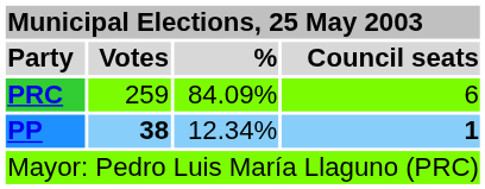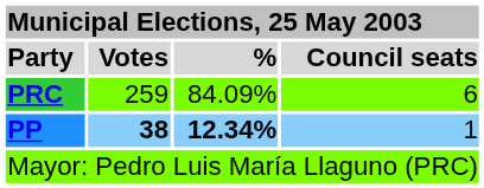 <table style="wikitable" style="margin:1em auto;">
 <tr>
 <td colspan="6" bgcolor="#C0C0C0"><strong>Municipal Elections, 25 May 2003</strong></td>
 </tr>
 <tr bgcolor="#D8D8D8">
 <td><strong>Party</strong></td>
 <td align="right"><strong>Votes</strong></td>
 <td align="right"><strong>%</strong></td>
 <td align="right"><strong>Council seats</strong></td>
 </tr>
 <tr>
 <td bgcolor="#32CD32"><strong><a href='#'>PRC</a></strong></td>
 <td bgcolor="#7CFC00" align="right">259</td>
 <td bgcolor="#7CFC00" align="right">84.09%</td>
 <td bgcolor="#7CFC00" align="right">6</td>
 </tr>
 <tr>
 <td bgcolor="#1E90FF"><strong><a href='#'>PP</a></strong></td>
 <td bgcolor="#87CEFA" align="right"><strong>38</strong></td>
-<td bgcolor="#87CEFA" align="right">12.34%</td>
-<td bgcolor="#87CEFA" align="right"><strong>1</strong></td>
+<td bgcolor="#87CEFA" align="right"><strong>12.34%</strong></td>
+<td bgcolor="#87CEFA" align="right">1</td>
 </tr>
 <tr>
 <td colspan=4 bgcolor="#7CFC00">Mayor: Pedro Luis María Llaguno (PRC)</td>
 </tr>
 </table>
